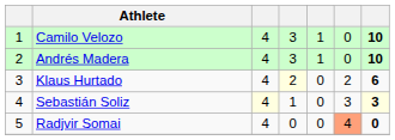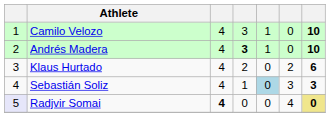 <table class="wikitable" style="text-align: center; font-size:100% ">
 <tr>
 <th width=25></th>
 <th width=250>Athlete</th>
 <th width=25></th>
 <th width=25></th>
 <th width=25></th>
 <th width=25></th>
 <th width=25></th>
 </tr>
 <tr bgcolor="ccffcc">
 <td>1</td>
 <td align=left> <a href='#'>Camilo Velozo</a></td>
 <td>4</td>
 <td>3</td>
 <td>1</td>
 <td>0</td>
 <td><strong>10</strong></td>
 </tr>
 <tr bgcolor="ccffcc">
 <td>2</td>
 <td align=left> <a href='#'>Andrés Madera</a></td>
 <td>4</td>
-<td>3</td>
+<td><strong>3</strong></td>
 <td>1</td>
 <td>0</td>
 <td><strong>10</strong></td>
 </tr>
 <tr>
 <td>3</td>
 <td align=left> <a href='#'>Klaus Hurtado</a></td>
 <td>4</td>
-<td style="background: lightyellow;">2</td>
+<td>2</td>
 <td>0</td>
 <td>2</td>
 <td><strong>6</strong></td>
 </tr>
 <tr>
 <td>4</td>
 <td align=left> <a href='#'>Sebastián Soliz</a></td>
-<td style="background: lightyellow;">4</td>
+<td>4</td>
 <td>1</td>
-<td>0</td>
+<td style="background: lightblue;">0</td>
 <td>3</td>
-<td style="background: lightyellow;"><strong>3</strong></td>
+<td><strong>3</strong></td>
 </tr>
 <tr>
-<td>5</td>
+<td style="background: lavender;">5</td>
 <td align=left> <a href='#'>Radjvir Somai</a></td>
-<td>4</td>
+<td><strong>4</strong></td>
 <td>0</td>
 <td>0</td>
-<td style="background: lightsalmon;">4</td>
-<td><strong>0</strong></td>
+<td>4</td>
+<td style="background: khaki;"><strong>0</strong></td>
 </tr>
 <tr>
 </tr>
 </table>
